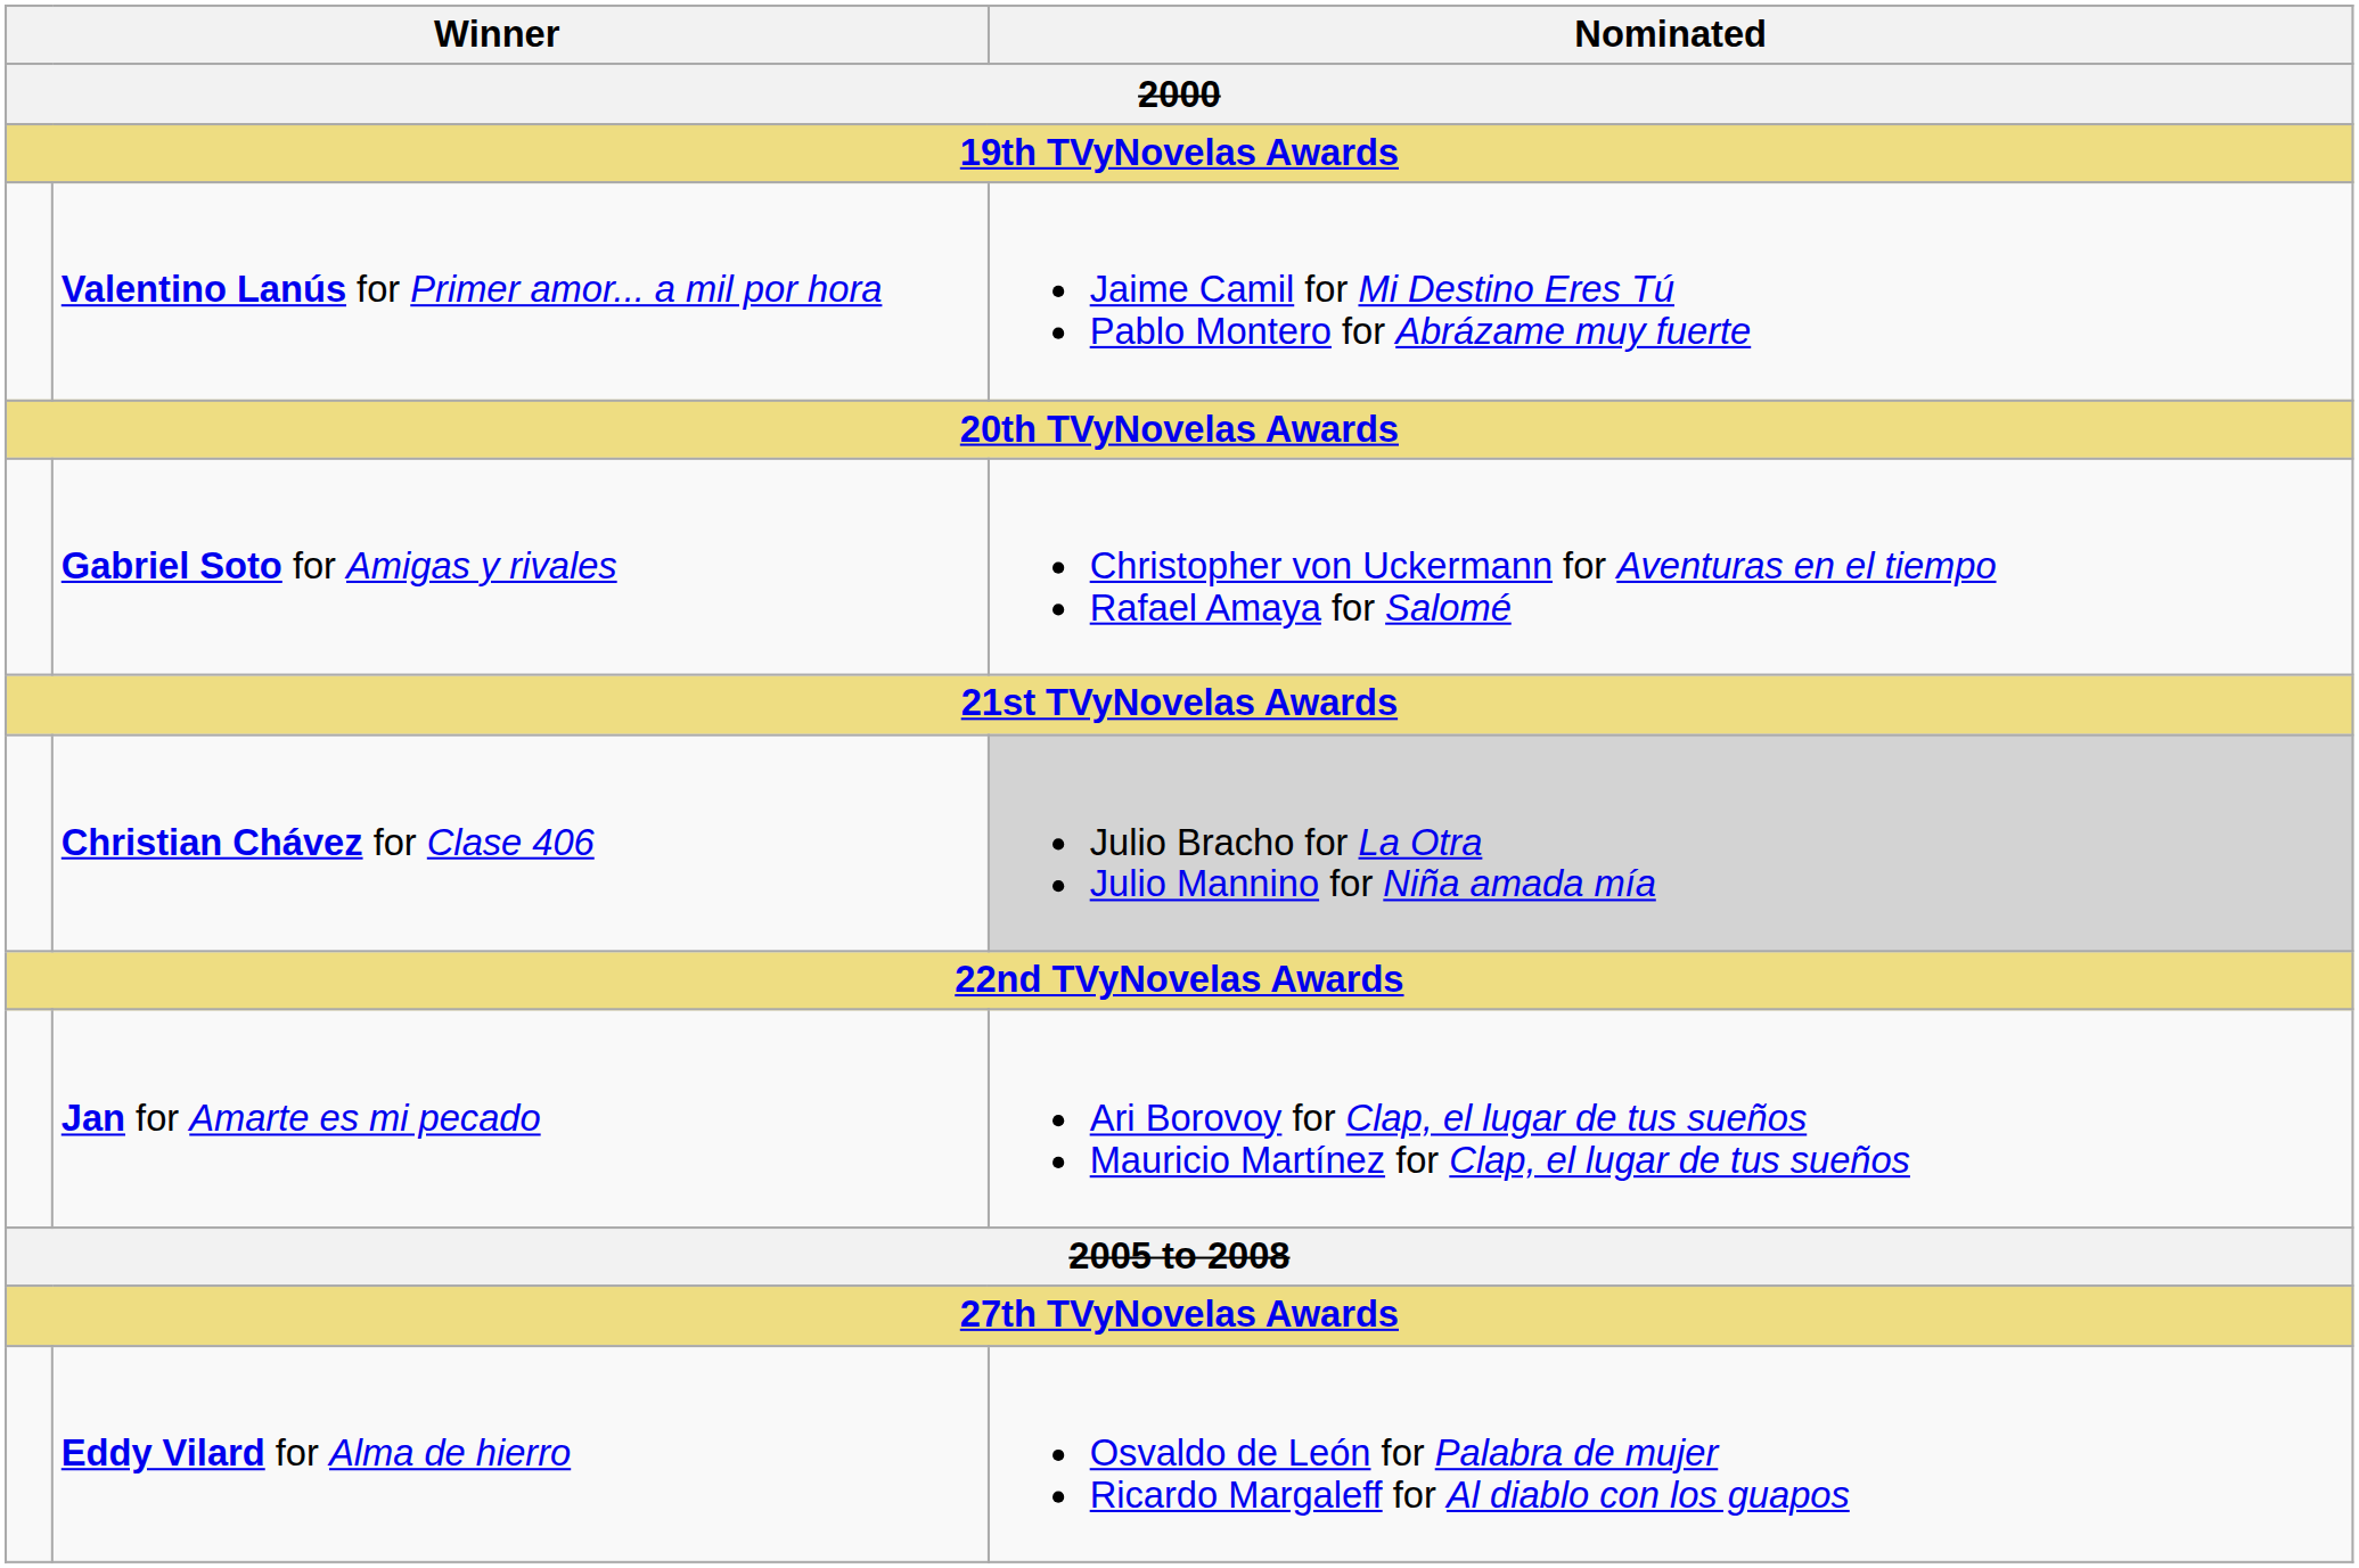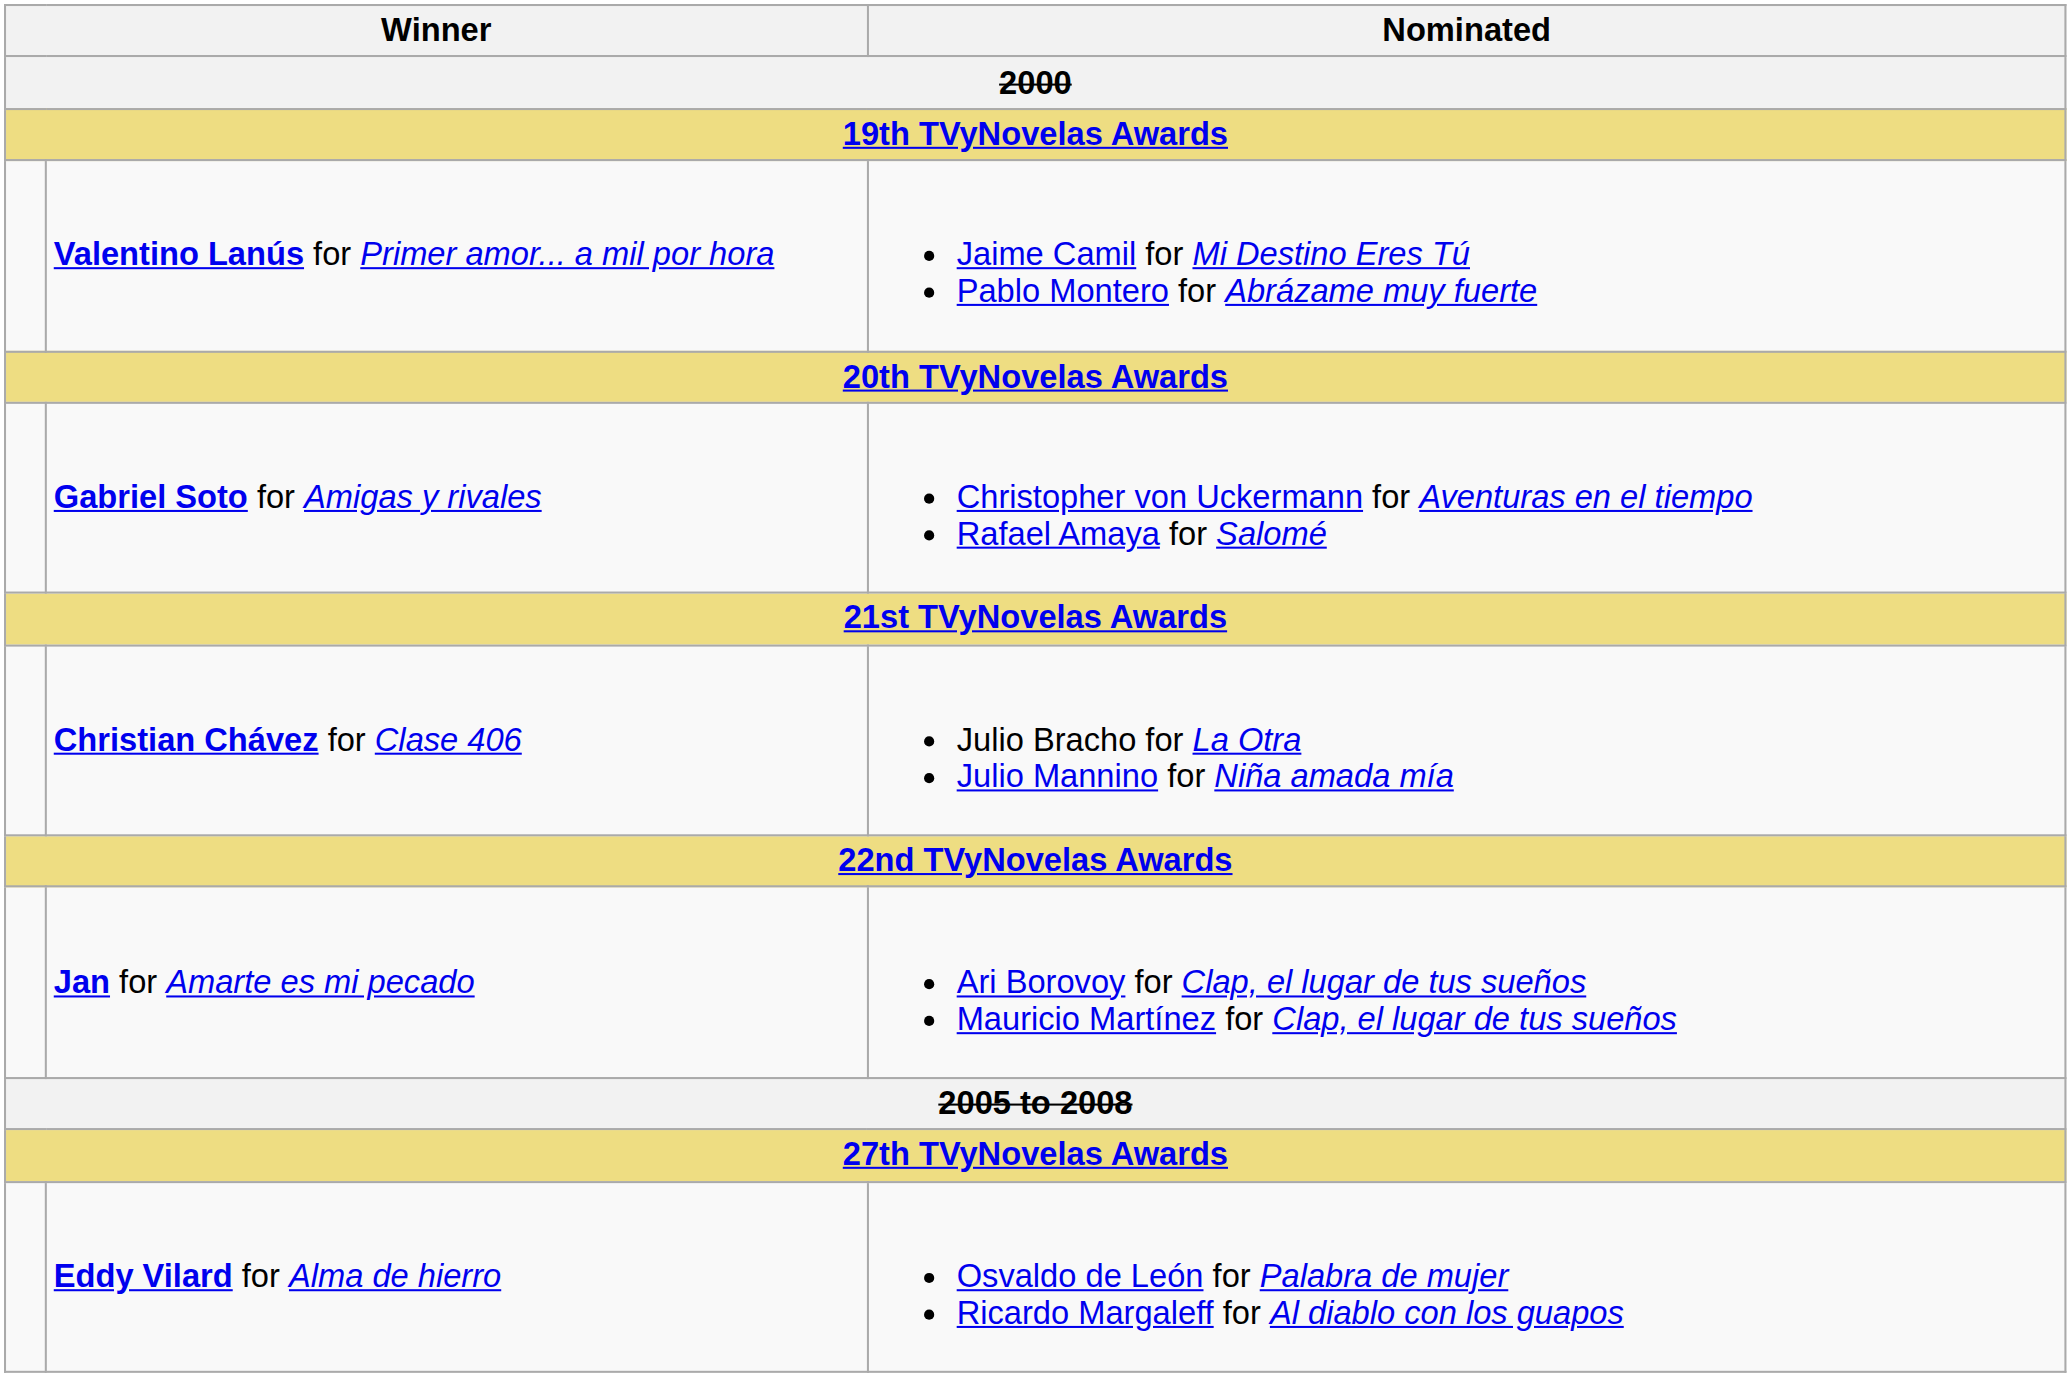 <table class="wikitable" width=80%>
 <tr align=center>
 <th width="150px;" colspan=2; align="center">Winner</th>
 <th width="580px;" align="center">Nominated</th>
 </tr>
 <tr>
 <th colspan=9 align="center"><s>2000</s></th>
 </tr>
 <tr>
 <th colspan=9 style="background:#EEDD82;"  align="center"><strong><a href='#'>19th TVyNovelas Awards</a></strong></th>
 </tr>
 <tr>
 <td width=2%></td>
 <td><strong><a href='#'>Valentino Lanús</a></strong> for <em><a href='#'>Primer amor... a mil por hora</a></em></td>
 <td><br><ul><li><a href='#'>Jaime Camil</a> for <em><a href='#'>Mi Destino Eres Tú</a></em></li><li><a href='#'>Pablo Montero</a> for <em><a href='#'>Abrázame muy fuerte</a></em></li></ul></td>
 </tr>
 <tr>
 <th colspan=9 style="background:#EEDD82;"  align="center"><strong><a href='#'>20th TVyNovelas Awards</a></strong></th>
 </tr>
 <tr>
 <td width=2%></td>
 <td><strong><a href='#'>Gabriel Soto</a></strong> for <em><a href='#'>Amigas y rivales</a></em></td>
 <td><br><ul><li><a href='#'>Christopher von Uckermann</a> for <em><a href='#'>Aventuras en el tiempo</a></em></li><li><a href='#'>Rafael Amaya</a> for <em><a href='#'>Salomé</a></em></li></ul></td>
 </tr>
 <tr>
 <th colspan=9 style="background:#EEDD82;"  align="center"><strong><a href='#'>21st TVyNovelas Awards</a></strong></th>
 </tr>
 <tr>
 <td width=2%></td>
 <td><strong><a href='#'>Christian Chávez</a></strong> for <em><a href='#'>Clase 406</a></em></td>
-<td style="background: lightgrey;"><br><ul><li>Julio Bracho for <em><a href='#'>La Otra</a></em></li><li><a href='#'>Julio Mannino</a> for <em><a href='#'>Niña amada mía</a></em></li></ul></td>
+<td><br><ul><li>Julio Bracho for <em><a href='#'>La Otra</a></em></li><li><a href='#'>Julio Mannino</a> for <em><a href='#'>Niña amada mía</a></em></li></ul></td>
 </tr>
 <tr>
 <th colspan=9 style="background:#EEDD82;"  align="center"><strong><a href='#'>22nd TVyNovelas Awards</a></strong></th>
 </tr>
 <tr>
 <td width=2%></td>
 <td><strong><a href='#'>Jan</a></strong> for <em><a href='#'>Amarte es mi pecado</a></em></td>
 <td><br><ul><li><a href='#'>Ari Borovoy</a> for <em><a href='#'>Clap, el lugar de tus sueños</a></em></li><li><a href='#'>Mauricio Martínez</a> for <em><a href='#'>Clap, el lugar de tus sueños</a></em></li></ul></td>
 </tr>
 <tr>
 <th colspan=9 align="center"><s>2005 to 2008</s></th>
 </tr>
 <tr>
 <th colspan=9 style="background:#EEDD82;"  align="center"><strong><a href='#'>27th TVyNovelas Awards</a></strong></th>
 </tr>
 <tr>
 <td width=2%></td>
 <td><strong><a href='#'>Eddy Vilard</a></strong> for <em><a href='#'>Alma de hierro</a></em></td>
 <td><br><ul><li><a href='#'>Osvaldo de León</a> for <em><a href='#'>Palabra de mujer</a></em></li><li><a href='#'>Ricardo Margaleff</a> for <em><a href='#'>Al diablo con los guapos</a></em></li></ul></td>
 </tr>
 </table>
